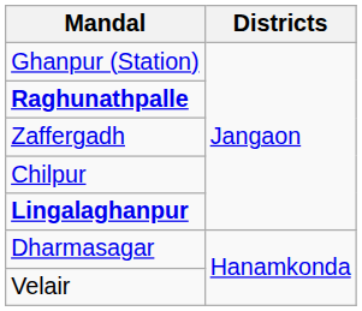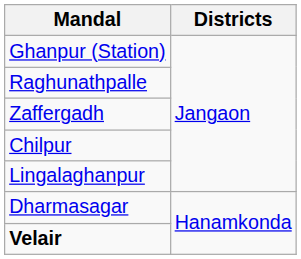 <table class="wikitable sortable static-row-numbers static-row-header-hash">
 <tr>
 <th>Mandal</th>
 <th>Districts</th>
 </tr>
 <tr>
 <td><a href='#'>Ghanpur (Station)</a></td>
 <td rowspan=5><a href='#'>Jangaon</a></td>
 </tr>
 <tr>
-<td><strong><a href='#'>Raghunathpalle</a></strong></td>
+<td><a href='#'>Raghunathpalle</a></td>
 </tr>
 <tr>
 <td><a href='#'>Zaffergadh</a></td>
 </tr>
 <tr>
 <td><a href='#'>Chilpur</a></td>
 </tr>
 <tr>
-<td><strong><a href='#'>Lingalaghanpur</a></strong></td>
+<td><a href='#'>Lingalaghanpur</a></td>
 </tr>
 <tr>
 <td><a href='#'>Dharmasagar</a></td>
 <td rowspan=2><a href='#'>Hanamkonda</a></td>
 </tr>
 <tr>
-<td>Velair</td>
+<td><strong>Velair</strong></td>
 </tr>
 </table>
